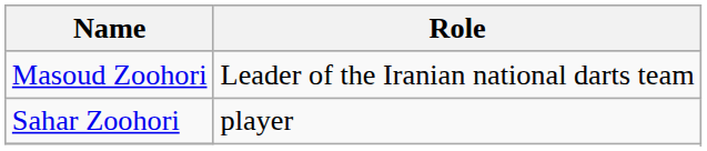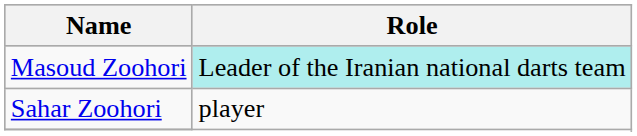 <table class="wikitable">
 <tr>
 <th>Name</th>
 <th>Role</th>
 </tr>
 <tr>
 <td><a href='#'>Masoud Zoohori</a></td>
-<td>Leader of the Iranian national darts team</td>
+<td style="background: paleturquoise;">Leader of the Iranian national darts team</td>
 </tr>
 <tr>
 <td><a href='#'>Sahar Zoohori</a></td>
 <td rowspan="8">player</td>
 </tr>
 <tr>
 </tr>
 </table>
